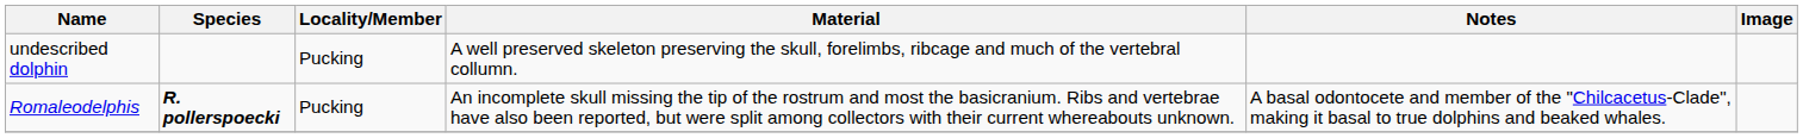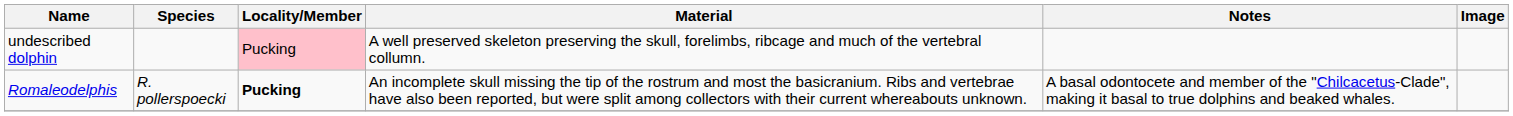 <table class="wikitable" align="center" width="100%">
 <tr>
 <th>Name</th>
 <th>Species</th>
 <th>Locality/Member</th>
 <th>Material</th>
 <th>Notes</th>
 <th>Image</th>
 </tr>
 <tr>
 <td>undescribed <a href='#'>dolphin</a></td>
 <td></td>
-<td>Pucking</td>
+<td style="background: pink;">Pucking</td>
 <td>A well preserved skeleton preserving the skull, forelimbs, ribcage and much of the vertebral collumn.</td>
 <td></td>
 <td></td>
 </tr>
 <tr>
 <td><em><a href='#'>Romaleodelphis</a></em></td>
-<td><strong><em>R. pollerspoecki</em></strong></td>
-<td>Pucking</td>
+<td><em>R. pollerspoecki</em></td>
+<td><strong>Pucking</strong></td>
 <td>An incomplete skull missing the tip of the rostrum and most the basicranium. Ribs and vertebrae have also been reported, but were split among collectors with their current whereabouts unknown.</td>
 <td>A basal odontocete and member of the "<a href='#'>Chilcacetus</a>-Clade", making it basal to true dolphins and beaked whales.</td>
 <td></td>
 </tr>
 <tr>
 </tr>
 </table>
